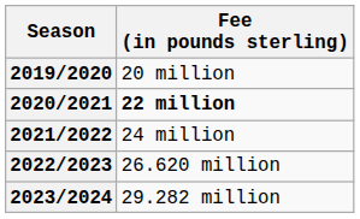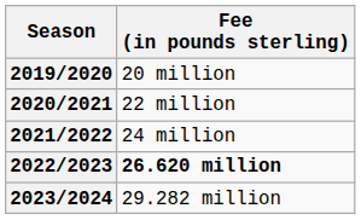 <table class="wikitable">
 <tr>
 <th>Season</th>
 <th>Fee<br>(in pounds sterling)</th>
 </tr>
 <tr>
 <th>2019/2020</th>
 <td>20 million</td>
 </tr>
 <tr>
 <th>2020/2021</th>
-<td><strong>22 million</strong></td>
+<td>22 million</td>
 </tr>
 <tr>
 <th>2021/2022</th>
 <td>24 million</td>
 </tr>
 <tr>
 <th>2022/2023</th>
-<td>26.620 million</td>
+<td><strong>26.620 million</strong></td>
 </tr>
 <tr>
 <th>2023/2024</th>
 <td>29.282 million</td>
 </tr>
 </table>
